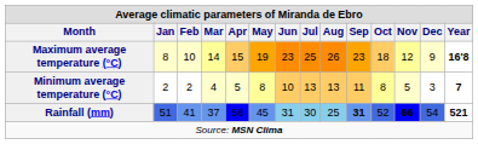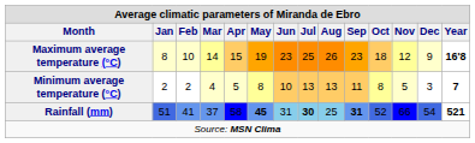 <table class="wikitable collapsible" align="center" style="font-size:90%;border:0px;text-align:center;line-height:120%;margin:1em auto;">
 <tr>
 <th colspan="14" style="background: #DDDDDD;"> Average climatic parameters of <strong>Miranda de Ebro</strong></th>
 </tr>
 <tr style="color:#000080;">
 <th>Month</th>
 <th>Jan</th>
 <th>Feb</th>
 <th>Mar</th>
 <th>Apr</th>
 <th>May</th>
 <th>Jun</th>
 <th>Jul</th>
 <th>Aug</th>
 <th>Sep</th>
 <th>Oct</th>
 <th>Nov</th>
 <th>Dec</th>
 <th>Year</th>
 </tr>
 <tr>
 <th style="background: #F0F0F0; color:#000080;">Maximum average temperature <a href='#'>(°C</a>)</th>
 <td style="background: #FFFFCC; color:#000000;">8</td>
 <td style="background: #FFFFCC; color:#000000;">10</td>
 <td style="background: #FFFF99; color:#000000;">14</td>
 <td style="background: #FFCC66; color:#000000;">15</td>
 <td style="background: #FFA500; color:#000000;">19</td>
 <td style="background: #FF8C00; color:#000000;">23</td>
 <td style="background: #FF8C00; color:#000000;">25</td>
 <td style="background: #FF8C00; color:#000000;">26</td>
 <td style="background: #FFA500; color:#000000;">23</td>
 <td style="background: #FFCC66; color:#000000;">18</td>
 <td style="background: #FFFF99; color:#000000;">12</td>
 <td style="background: #FFFFCC; color:#000000;">9</td>
 <td style="background: #FFFFFF; color:#000000;"><strong>16'8</strong></td>
 </tr>
 <tr>
 <th style="background: #F0F0F0; color:#000080">Minimum average temperature (<a href='#'>°C</a>)</th>
 <td style="background: #FFFFFF; color: black;">2</td>
 <td style="background: #FFFFFF; color: black;">2</td>
 <td style="background: #FFFFCC; color: black;">4</td>
 <td style="background: #FFFFCC; color: black;">5</td>
 <td style="background: #FFFF99; color: black;">8</td>
 <td style="background: #FFCC66; color: black;">10</td>
 <td style="background: #FFCC66; color: black;">13</td>
 <td style="background: #FFCC66; color: black;">13</td>
 <td style="background: #FFCC66; color: black;">11</td>
 <td style="background: #FFFF99; color: black;">8</td>
 <td style="background: #FFFFCC; color: black;">5</td>
 <td style="background: #ffffff; color: black;">3</td>
 <td style="background: #ffffff; color: black;"><strong>7</strong></td>
 </tr>
 <tr>
 <th style="background: #F0F0F0; color:#000080;">Rainfall (<a href='#'>mm</a>)</th>
 <td style="background: #4169E1;">51</td>
 <td style="background: #6495ED;">41</td>
 <td style="background: #6495ED;">37</td>
 <td style="background: #0000FF;">58</td>
-<td style="background: #6495ED;">45</td>
+<td style="background: #6495ED;"><strong>45</strong></td>
 <td style="background: #87CEEB;">31</td>
-<td style="background: #87CEEB;">30</td>
+<td style="background: #87CEEB;"><strong>30</strong></td>
 <td style="background: #87CEEB;">25</td>
 <td style="background: #6495ED;"><strong>31</strong></td>
 <td style="background: #4169E1;">52</td>
-<td style="background: #0000FF;"><strong>66</strong></td>
+<td style="background: #0000FF;">66</td>
 <td style="background: #4169E1;">54</td>
 <td style="background: #FFFFFF;"><strong>521</strong></td>
 </tr>
 <tr>
 <td colspan="14" style="text-align:center;font-size:90%;"><em>Source:</em> <strong><em>MSN Clima</em></strong></td>
 </tr>
 </table>
